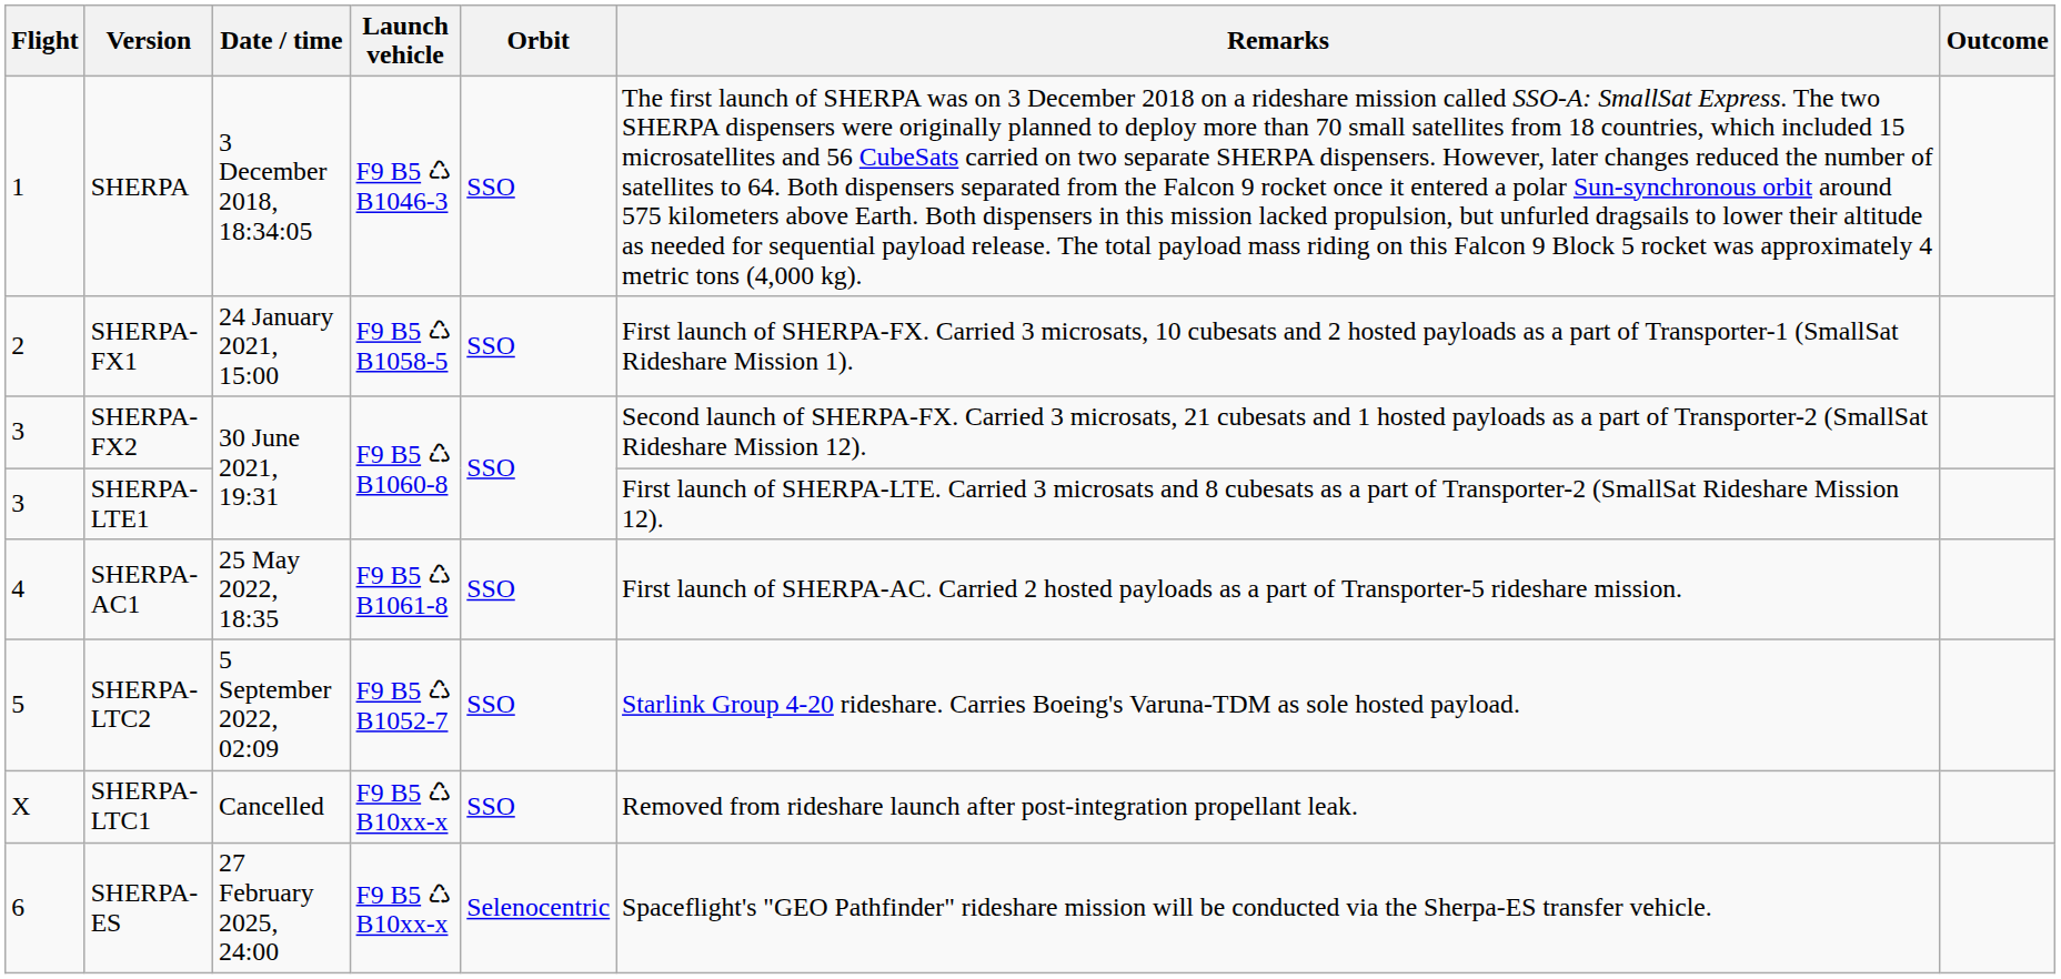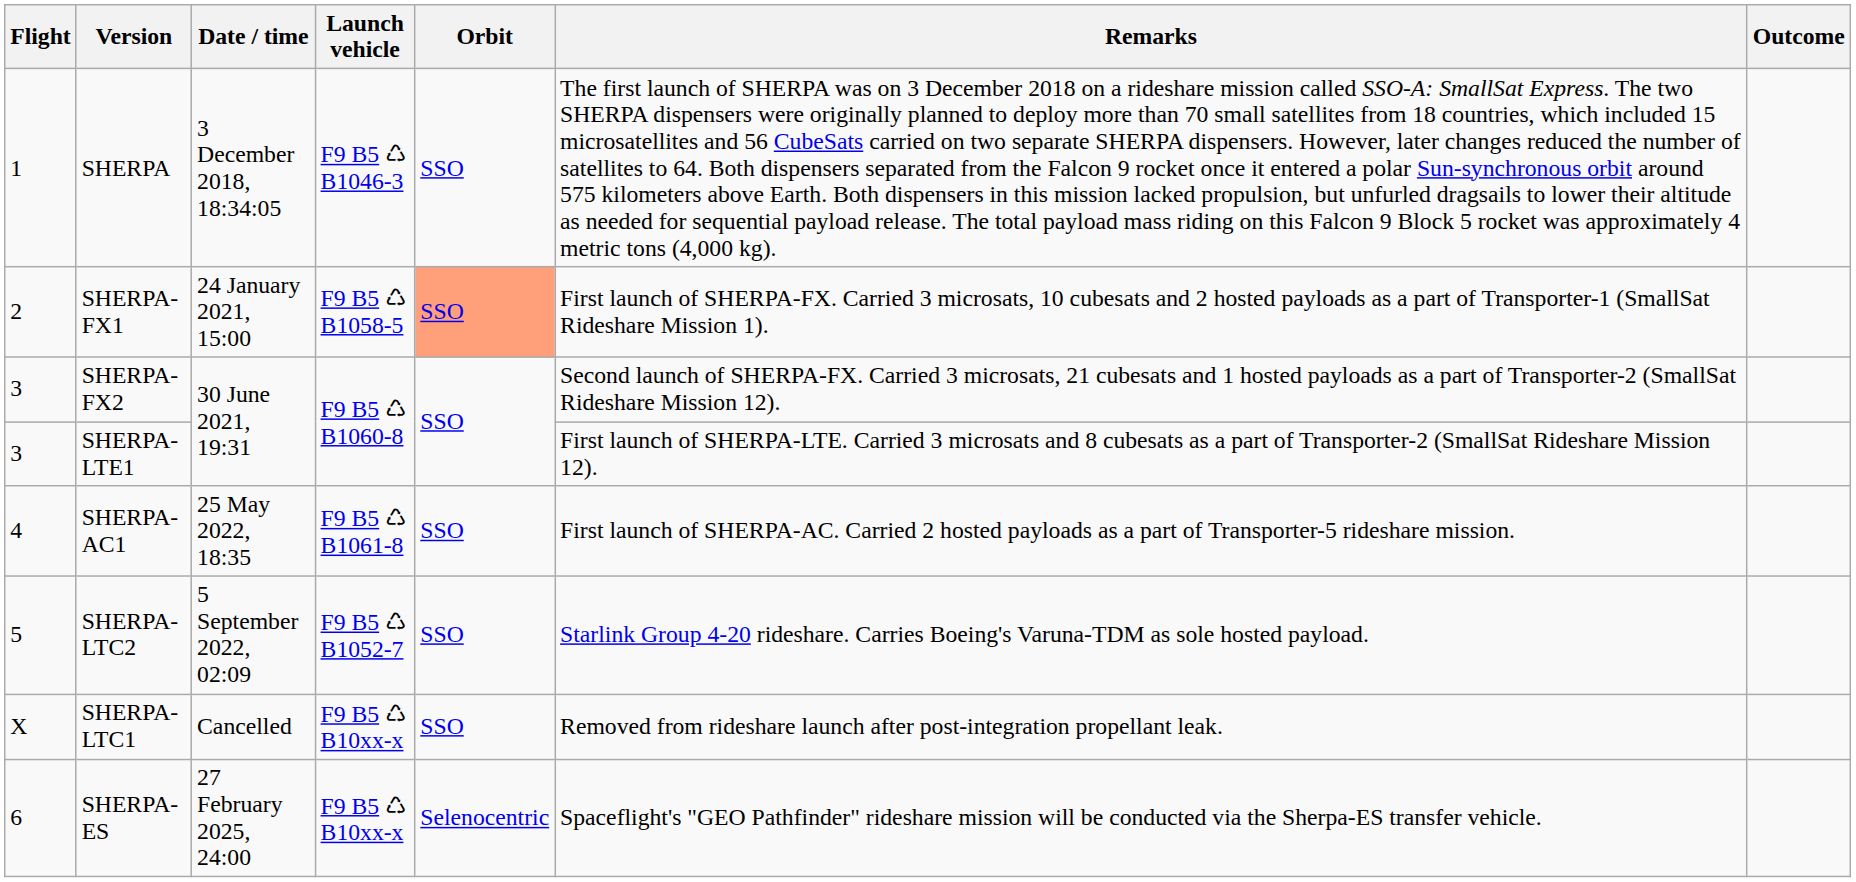 <table class="wikitable">
 <tr>
 <th>Flight</th>
 <th>Version</th>
 <th>Date / time</th>
 <th>Launch vehicle</th>
 <th>Orbit</th>
 <th>Remarks</th>
 <th>Outcome</th>
 </tr>
 <tr>
 <td>1</td>
 <td>SHERPA</td>
 <td>3 December 2018,<br>18:34:05</td>
 <td><a href='#'>F9 B5</a> ♺<br><a href='#'>B1046-3</a></td>
 <td><a href='#'>SSO</a></td>
 <td>The first launch of SHERPA was on 3 December 2018 on a rideshare mission called <em>SSO-A: SmallSat Express</em>. The two SHERPA dispensers were originally planned to deploy more than 70 small satellites from 18 countries, which included 15 microsatellites and 56 <a href='#'>CubeSats</a> carried on two separate SHERPA dispensers. However, later changes reduced the number of satellites to 64. Both dispensers separated from the Falcon 9 rocket once it entered a polar <a href='#'>Sun-synchronous orbit</a> around 575 kilometers above Earth. Both dispensers in this mission lacked propulsion, but unfurled dragsails to lower their altitude as needed for sequential payload release.  The total payload mass riding on this Falcon 9 Block 5 rocket was approximately 4 metric tons (4,000 kg).</td>
 <td></td>
 </tr>
 <tr>
 <td>2</td>
 <td>SHERPA-FX1</td>
 <td>24 January 2021,<br>15:00</td>
 <td><a href='#'>F9 B5</a> ♺<br><a href='#'>B1058-5</a></td>
-<td><a href='#'>SSO</a></td>
+<td style="background: lightsalmon;"><a href='#'>SSO</a></td>
 <td>First launch of SHERPA-FX. Carried 3 microsats, 10 cubesats and 2 hosted payloads as a part of Transporter-1 (SmallSat Rideshare Mission 1).</td>
 <td></td>
 </tr>
 <tr>
 <td>3</td>
 <td>SHERPA-FX2</td>
 <td rowspan=2>30 June 2021,<br>19:31</td>
 <td rowspan=2><a href='#'>F9 B5</a> ♺<br><a href='#'>B1060-8</a></td>
 <td rowspan=2><a href='#'>SSO</a></td>
 <td>Second launch of SHERPA-FX. Carried 3 microsats, 21 cubesats and 1 hosted payloads as a part of Transporter-2 (SmallSat Rideshare Mission 12).</td>
 <td></td>
 </tr>
 <tr>
 <td>3</td>
 <td>SHERPA-LTE1</td>
 <td>First launch of SHERPA-LTE. Carried 3 microsats and 8 cubesats as a part of Transporter-2 (SmallSat Rideshare Mission 12).</td>
 <td></td>
 </tr>
 <tr>
 <td>4</td>
 <td>SHERPA-AC1</td>
 <td>25 May 2022,<br>18:35</td>
 <td><a href='#'>F9 B5</a> ♺<br><a href='#'>B1061-8</a></td>
 <td><a href='#'>SSO</a></td>
 <td>First launch of SHERPA-AC. Carried 2 hosted payloads as a part of Transporter-5 rideshare mission.</td>
 <td></td>
 </tr>
 <tr>
 <td>5</td>
 <td>SHERPA-LTC2</td>
 <td>5 September 2022,<br>02:09</td>
 <td><a href='#'>F9 B5</a> ♺<br><a href='#'>B1052-7</a></td>
 <td><a href='#'>SSO</a></td>
 <td><a href='#'>Starlink Group 4-20</a> rideshare. Carries Boeing's Varuna-TDM as sole hosted payload.</td>
 <td></td>
 </tr>
 <tr>
 <td>X</td>
 <td>SHERPA-LTC1</td>
 <td>Cancelled</td>
 <td><a href='#'>F9 B5</a> ♺<br><a href='#'>B10xx-x</a></td>
 <td><a href='#'>SSO</a></td>
 <td>Removed from rideshare launch after post-integration propellant leak.</td>
 <td></td>
 </tr>
 <tr>
 <td>6</td>
 <td>SHERPA-ES</td>
 <td>27 February 2025,<br>24:00</td>
 <td><a href='#'>F9 B5</a> ♺<br><a href='#'>B10xx-x</a></td>
 <td><a href='#'>Selenocentric</a></td>
 <td>Spaceflight's "GEO Pathfinder" rideshare mission will be conducted via the Sherpa-ES transfer vehicle.</td>
 <td></td>
 </tr>
 </table>
